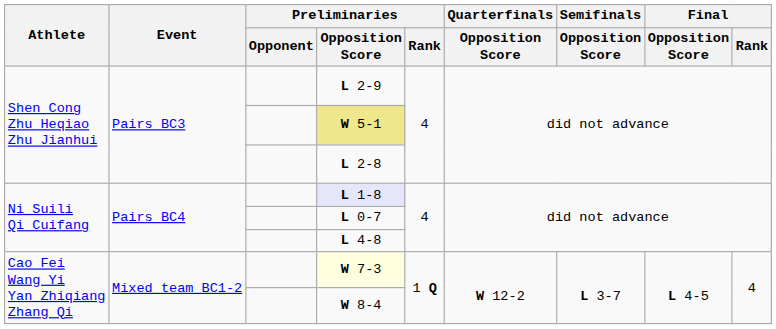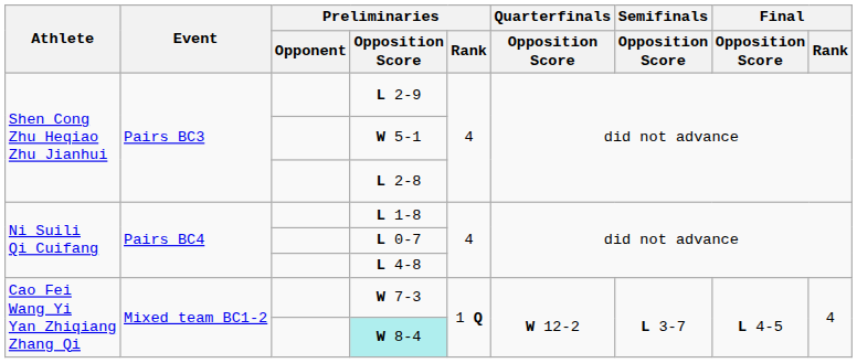 <table class=wikitable style="font-size:90%">
 <tr>
 <th rowspan="2">Athlete</th>
 <th rowspan="2">Event</th>
 <th colspan="3">Preliminaries</th>
 <th>Quarterfinals</th>
 <th>Semifinals</th>
 <th colspan="2">Final</th>
 </tr>
 <tr>
 <th>Opponent</th>
 <th>Opposition<br>Score</th>
 <th>Rank</th>
 <th>Opposition<br>Score</th>
 <th>Opposition<br>Score</th>
 <th>Opposition<br>Score</th>
 <th>Rank</th>
 </tr>
 <tr>
 <td rowspan="3"><a href='#'>Shen Cong</a><br> <a href='#'>Zhu Heqiao</a><br> <a href='#'>Zhu Jianhui</a></td>
 <td rowspan="3"><a href='#'>Pairs BC3</a></td>
 <td align="left"><br> <br> </td>
 <td align="center"><strong>L</strong> 2-9</td>
 <td align="center" rowspan="3">4</td>
 <td align="center" rowspan="3" colspan="4">did not advance</td>
 </tr>
 <tr>
 <td align="left"><br> <br> </td>
-<td align="center" style="background: khaki;"><strong>W</strong> 5-1</td>
+<td align="center"><strong>W</strong> 5-1</td>
 </tr>
 <tr>
 <td align="left"><br> <br> </td>
 <td align="center"><strong>L</strong> 2-8</td>
 </tr>
 <tr>
 <td rowspan="3"><a href='#'>Ni Suili</a><br> <a href='#'>Qi Cuifang</a></td>
 <td rowspan="3"><a href='#'>Pairs BC4</a></td>
 <td align="left"><br> </td>
-<td align="center" style="background: lavender;"><strong>L</strong> 1-8</td>
+<td align="center"><strong>L</strong> 1-8</td>
 <td align="center" rowspan="3">4</td>
 <td align="center" rowspan="3" colspan="4">did not advance</td>
 </tr>
 <tr>
 <td align="left"><br> </td>
 <td align="center"><strong>L</strong> 0-7</td>
 </tr>
 <tr>
 <td align="left"><br> </td>
 <td align="center"><strong>L</strong> 4-8</td>
 </tr>
 <tr>
 <td rowspan="2"><a href='#'>Cao Fei</a><br> <a href='#'>Wang Yi</a><br> <a href='#'>Yan Zhiqiang</a><br> <a href='#'>Zhang Qi</a></td>
 <td rowspan="2"><a href='#'>Mixed team BC1-2</a></td>
 <td align="left"></td>
-<td align="center" style="background: lightyellow;"><strong>W</strong> 7-3</td>
+<td align="center"><strong>W</strong> 7-3</td>
 <td align="center" rowspan="2">1 <strong>Q</strong></td>
 <td align="center" rowspan="2"><br><strong>W</strong> 12-2</td>
 <td align="center" rowspan="2"><br><strong>L</strong> 3-7</td>
 <td align="center" rowspan="2"><br><strong>L</strong> 4-5</td>
 <td align="center" rowspan="2">4</td>
 </tr>
 <tr>
 <td align="left"></td>
-<td align="center"><strong>W</strong> 8-4</td>
+<td align="center" style="background: paleturquoise;"><strong>W</strong> 8-4</td>
 </tr>
 </table>
